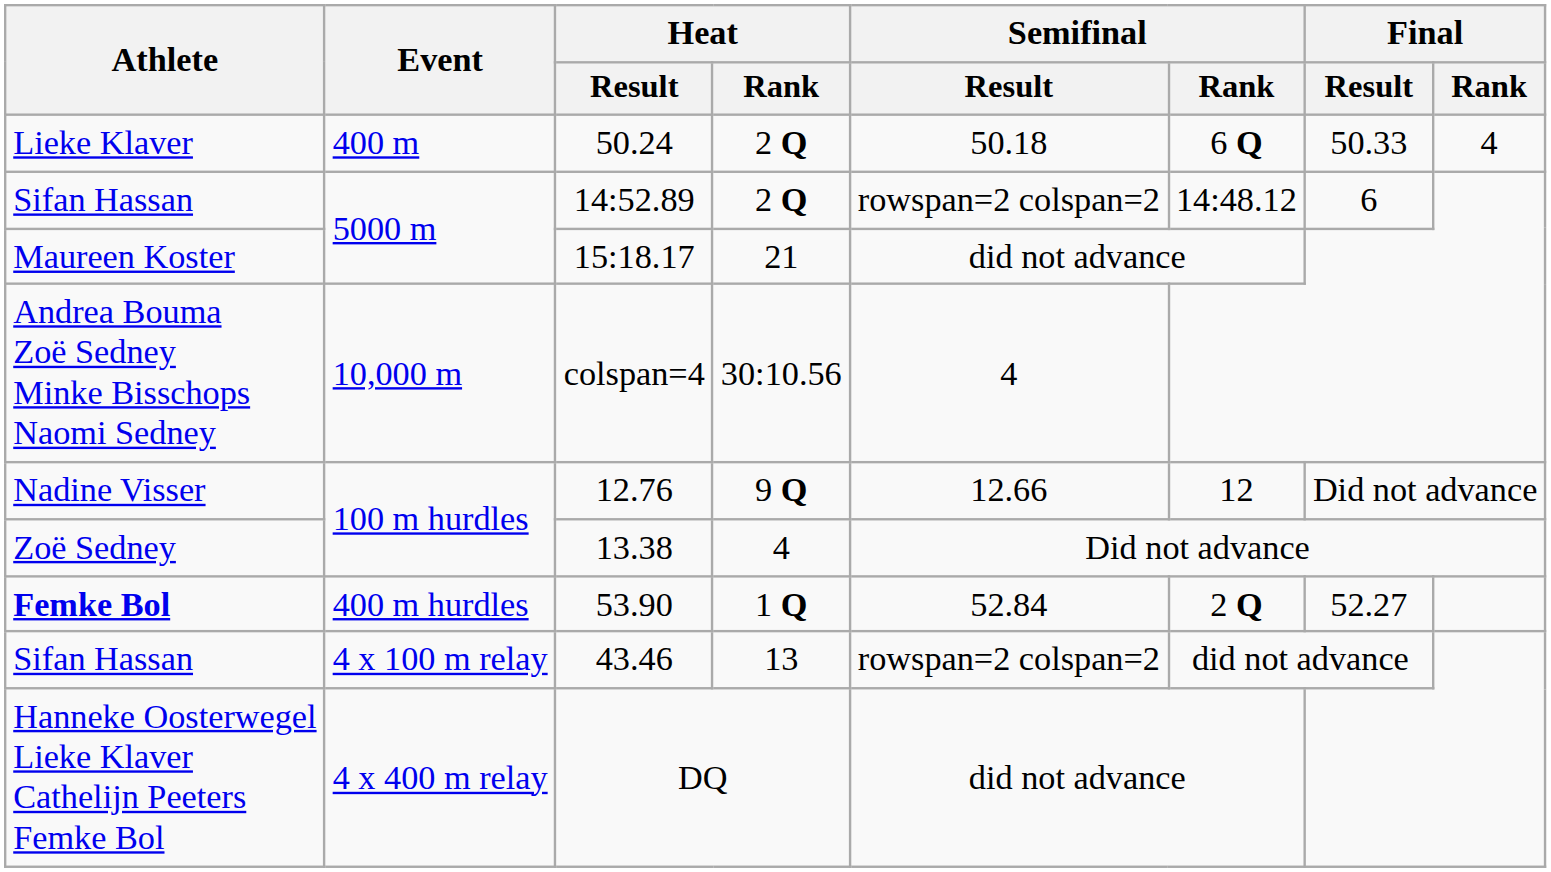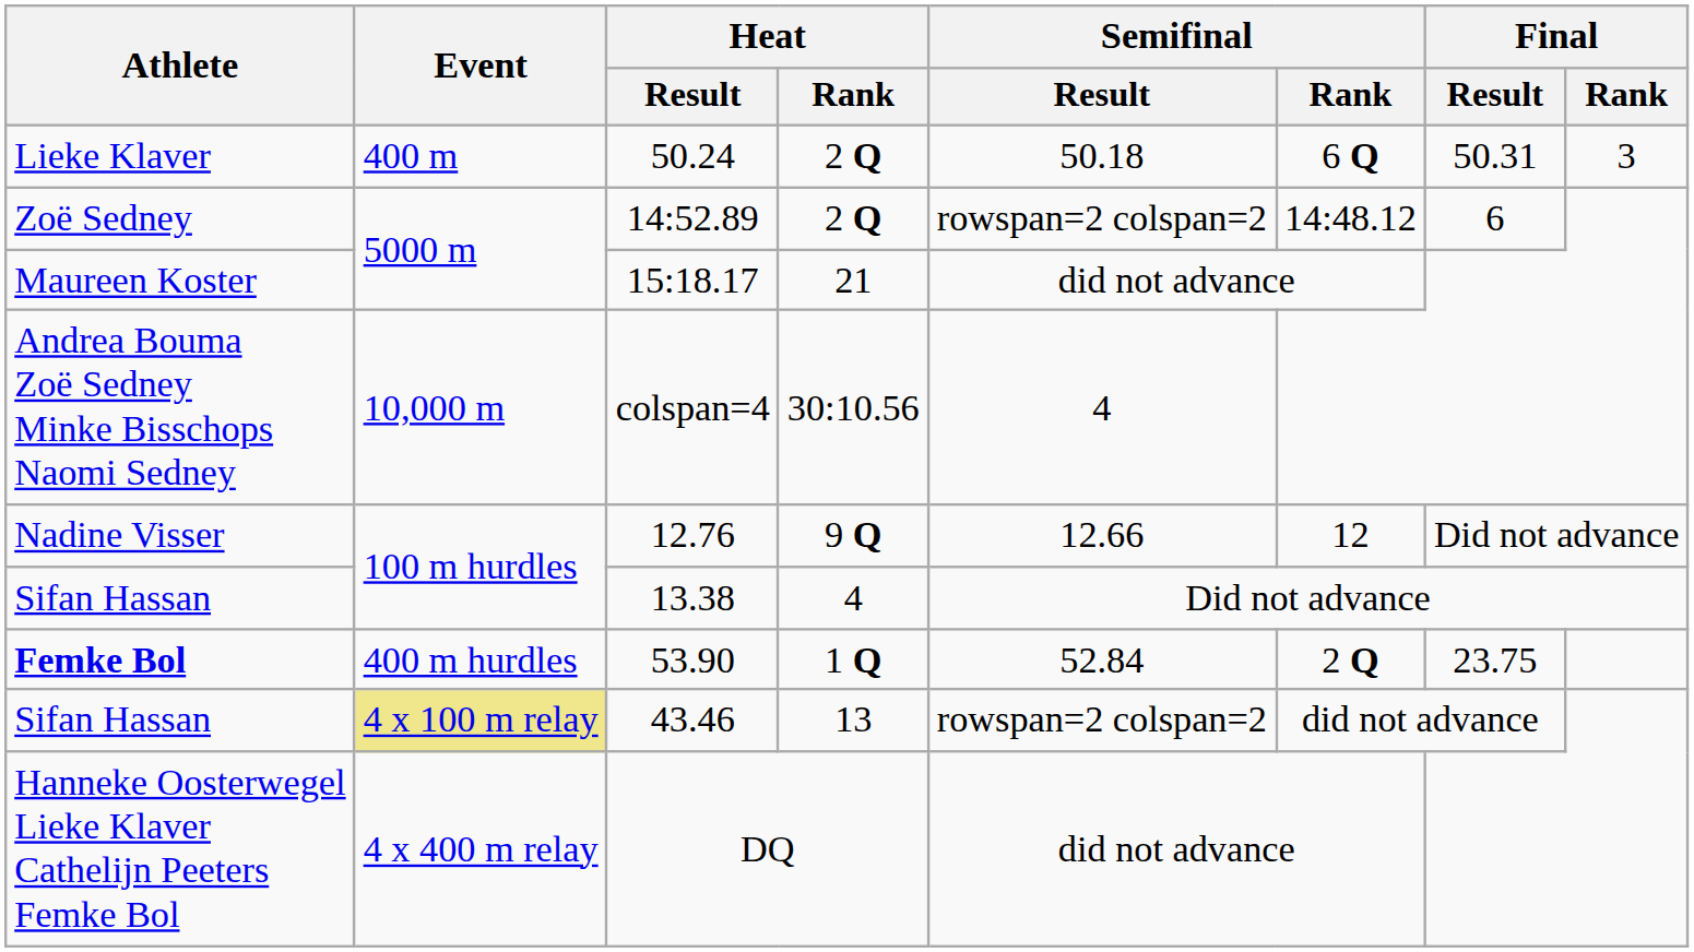 <table class="wikitable" style="font-size:90%">
 <tr>
 <th rowspan="2">Athlete</th>
 <th rowspan="2">Event</th>
 <th colspan="2">Heat</th>
 <th colspan="2">Semifinal</th>
 <th colspan="2">Final</th>
 </tr>
 <tr style="font-size:95%">
 <th>Result</th>
 <th>Rank</th>
 <th>Result</th>
 <th>Rank</th>
 <th>Result</th>
 <th>Rank</th>
 </tr>
 <tr align="center">
 <td align="left"><a href='#'>Lieke Klaver</a></td>
 <td rowspan="1" align="left"><a href='#'>400 m</a></td>
 <td>50.24</td>
 <td>2 <strong>Q</strong></td>
 <td>50.18</td>
 <td>6 <strong>Q</strong></td>
-<td>50.33</td>
-<td>4</td>
+<td>50.31</td>
+<td>3</td>
 </tr>
 <tr align="center">
-<td align="left"><a href='#'>Sifan Hassan</a></td>
+<td align="left"><a href='#'>Zoë Sedney</a></td>
 <td rowspan="2" align="left"><a href='#'>5000 m</a></td>
 <td>14:52.89</td>
 <td>2 <strong>Q</strong></td>
 <td>rowspan=2 colspan=2 </td>
 <td>14:48.12</td>
 <td>6</td>
 </tr>
 <tr align="center">
 <td align="left"><a href='#'>Maureen Koster</a></td>
 <td>15:18.17</td>
 <td>21</td>
 <td colspan=2>did not advance</td>
 </tr>
 <tr align="center">
 <td align="left"><a href='#'>Andrea Bouma</a><br><a href='#'>Zoë Sedney</a><br><a href='#'>Minke Bisschops</a><br><a href='#'>Naomi Sedney</a></td>
 <td rowspan="1" align="left"><a href='#'>10,000 m</a></td>
 <td>colspan=4 </td>
 <td>30:10.56</td>
 <td>4</td>
 </tr>
 <tr align="center">
 <td align="left"><a href='#'>Nadine Visser</a></td>
 <td rowspan="2" align="left"><a href='#'>100 m hurdles</a></td>
 <td>12.76</td>
 <td>9 <strong>Q</strong></td>
 <td>12.66</td>
 <td>12</td>
 <td colspan=2>Did not advance</td>
 </tr>
 <tr align="center">
-<td align="left"><a href='#'>Zoë Sedney</a></td>
+<td align="left"><a href='#'>Sifan Hassan</a></td>
 <td>13.38</td>
 <td>4</td>
 <td colspan=4>Did not advance</td>
 </tr>
 <tr align="center">
 <td align="left"><strong><a href='#'>Femke Bol</a></strong></td>
 <td rowspan="1" align="left"><a href='#'>400 m hurdles</a></td>
 <td>53.90</td>
 <td>1 <strong>Q</strong></td>
 <td>52.84</td>
 <td>2 <strong>Q</strong></td>
-<td>52.27</td>
+<td>23.75</td>
 <td></td>
 </tr>
 <tr align="center">
 <td align="left"><a href='#'>Sifan Hassan</a></td>
-<td rowspan="1" align="left"><a href='#'>4 x 100 m relay</a></td>
+<td rowspan="1" align="left" style="background: khaki;"><a href='#'>4 x 100 m relay</a></td>
 <td>43.46</td>
 <td>13</td>
 <td>rowspan=2 colspan=2 </td>
 <td colspan=2>did not advance</td>
 </tr>
 <tr align="center">
 <td align="left"><a href='#'>Hanneke Oosterwegel</a><br><a href='#'>Lieke Klaver</a><br><a href='#'>Cathelijn Peeters</a><br><a href='#'>Femke Bol</a></td>
 <td rowspan="1" align="left"><a href='#'>4 x 400 m relay</a></td>
 <td colspan=2>DQ</td>
 <td colspan=2>did not advance</td>
 </tr>
 </table>
